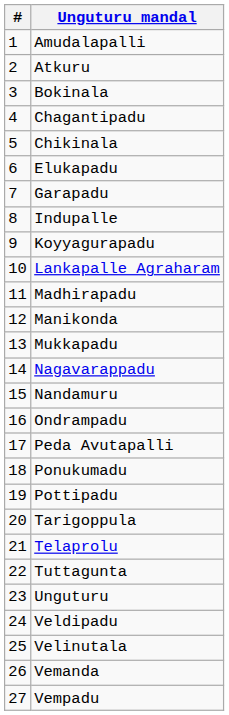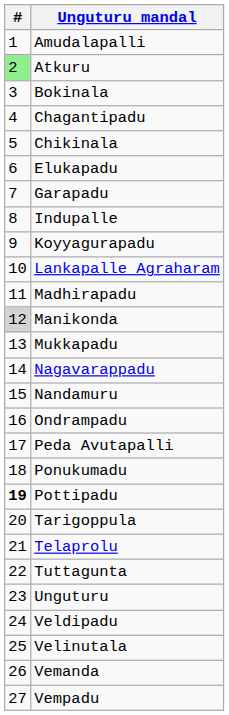 <table class="wikitable">
 <tr>
 <th>#</th>
 <th><a href='#'>Unguturu mandal</a></th>
 </tr>
 <tr>
 <td>1</td>
 <td>Amudalapalli</td>
 </tr>
 <tr>
-<td>2</td>
+<td style="background: lightgreen;">2</td>
 <td>Atkuru</td>
 </tr>
 <tr>
 <td>3</td>
 <td>Bokinala</td>
 </tr>
 <tr>
 <td>4</td>
 <td>Chagantipadu</td>
 </tr>
 <tr>
 <td>5</td>
 <td>Chikinala</td>
 </tr>
 <tr>
 <td>6</td>
 <td>Elukapadu</td>
 </tr>
 <tr>
 <td>7</td>
 <td>Garapadu</td>
 </tr>
 <tr>
 <td>8</td>
 <td>Indupalle</td>
 </tr>
 <tr>
 <td>9</td>
 <td>Koyyagurapadu</td>
 </tr>
 <tr>
 <td>10</td>
 <td><a href='#'>Lankapalle Agraharam</a></td>
 </tr>
 <tr>
 <td>11</td>
 <td>Madhirapadu</td>
 </tr>
 <tr>
-<td>12</td>
+<td style="background: lightgrey;">12</td>
 <td>Manikonda</td>
 </tr>
 <tr>
 <td>13</td>
 <td>Mukkapadu</td>
 </tr>
 <tr>
 <td>14</td>
 <td><a href='#'>Nagavarappadu</a></td>
 </tr>
 <tr>
 <td>15</td>
 <td>Nandamuru</td>
 </tr>
 <tr>
 <td>16</td>
 <td>Ondrampadu</td>
 </tr>
 <tr>
 <td>17</td>
 <td>Peda Avutapalli</td>
 </tr>
 <tr>
 <td>18</td>
 <td>Ponukumadu</td>
 </tr>
 <tr>
-<td>19</td>
+<td><strong>19</strong></td>
 <td>Pottipadu</td>
 </tr>
 <tr>
 <td>20</td>
 <td>Tarigoppula</td>
 </tr>
 <tr>
 <td>21</td>
 <td><a href='#'>Telaprolu</a></td>
 </tr>
 <tr>
 <td>22</td>
 <td>Tuttagunta</td>
 </tr>
 <tr>
 <td>23</td>
 <td>Unguturu</td>
 </tr>
 <tr>
 <td>24</td>
 <td>Veldipadu</td>
 </tr>
 <tr>
 <td>25</td>
 <td>Velinutala</td>
 </tr>
 <tr>
 <td>26</td>
 <td>Vemanda</td>
 </tr>
 <tr>
 <td>27</td>
 <td>Vempadu</td>
 </tr>
 </table>
